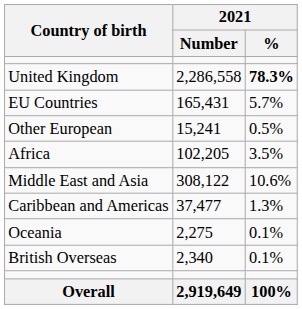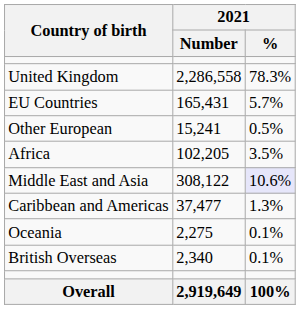 <table class="wikitable">
 <tr>
 <th rowspan="2">Country of birth</th>
 <th colspan="2">2021</th>
 </tr>
 <tr>
 <th>Number</th>
 <th>%</th>
 </tr>
 <tr>
 <td></td>
 <td></td>
 <td></td>
 </tr>
 <tr>
 <td>United Kingdom</td>
 <td>2,286,558</td>
-<td><strong>78.3%</strong></td>
+<td>78.3%</td>
 </tr>
 <tr>
 <td>EU Countries</td>
 <td>165,431</td>
 <td>5.7%</td>
 </tr>
 <tr>
 <td>Other European</td>
 <td>15,241</td>
 <td>0.5%</td>
 </tr>
 <tr>
 <td>Africa</td>
 <td>102,205</td>
 <td>3.5%</td>
 </tr>
 <tr>
 <td>Middle East and Asia</td>
 <td>308,122</td>
-<td>10.6%</td>
+<td style="background: lavender;">10.6%</td>
 </tr>
 <tr>
 <td>Caribbean and Americas</td>
 <td>37,477</td>
 <td>1.3%</td>
 </tr>
 <tr>
 <td>Oceania</td>
 <td>2,275</td>
 <td>0.1%</td>
 </tr>
 <tr>
 <td>British Overseas</td>
 <td>2,340</td>
 <td>0.1%</td>
 </tr>
 <tr>
 <td></td>
 <td></td>
 <td></td>
 </tr>
 <tr>
 <th>Overall</th>
 <th>2,919,649</th>
 <th>100%</th>
 </tr>
 </table>
